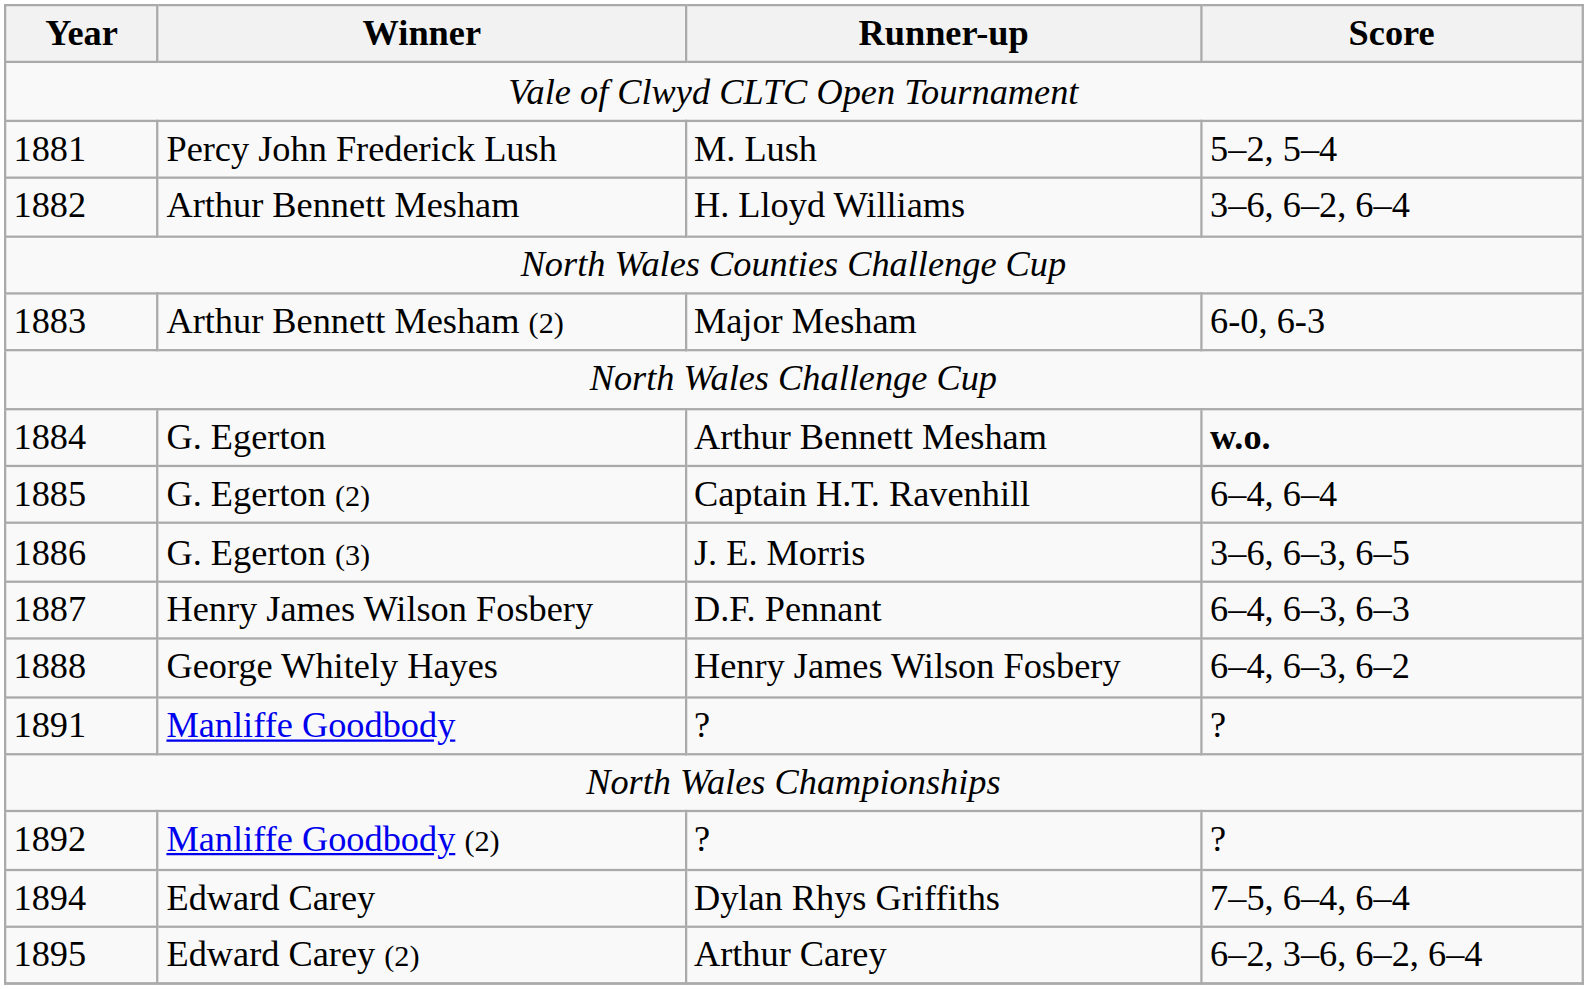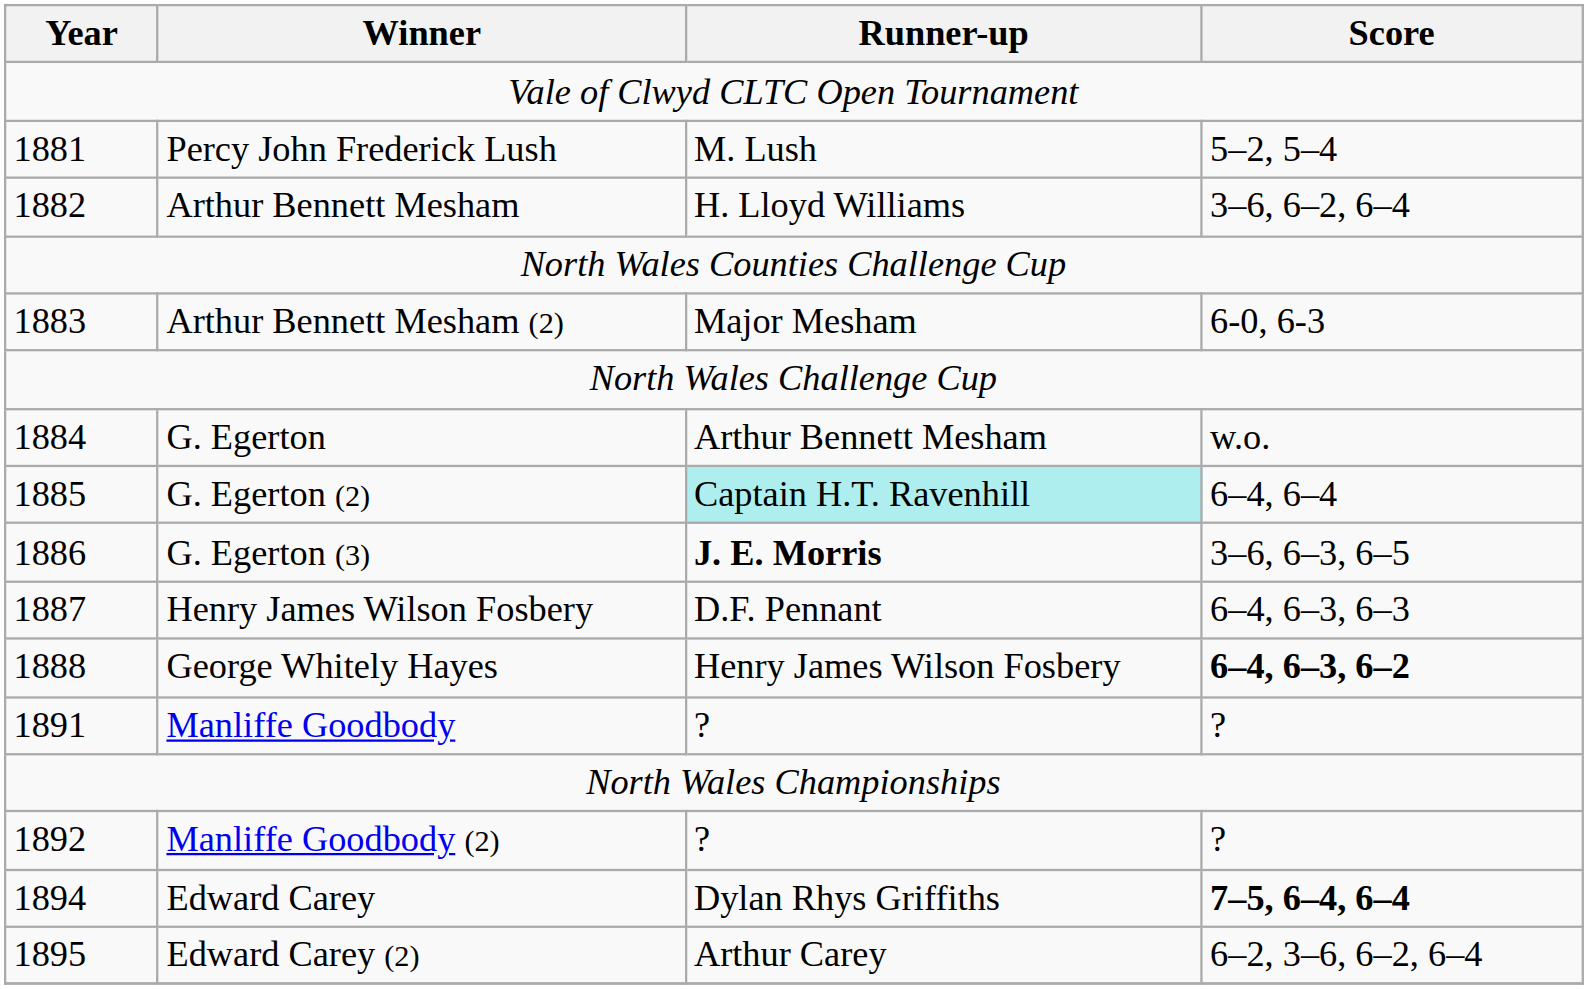 <table class="wikitable">
 <tr>
 <th style="width:60px;">Year</th>
 <th style="width:225px;">Winner</th>
 <th style="width:220px;">Runner-up</th>
 <th style="width:160px;">Score</th>
 </tr>
 <tr>
 <td colspan=4 align=center><em>Vale of Clwyd CLTC Open Tournament</em></td>
 </tr>
 <tr>
 <td>1881</td>
 <td> Percy John Frederick Lush</td>
 <td> M. Lush</td>
 <td>5–2, 5–4</td>
 </tr>
 <tr>
 <td>1882</td>
 <td> Arthur Bennett Mesham</td>
 <td> H. Lloyd Williams</td>
 <td>3–6, 6–2, 6–4</td>
 </tr>
 <tr>
 <td colspan=4 align=center><em>North Wales Counties Challenge Cup</em></td>
 </tr>
 <tr>
 <td>1883</td>
 <td> Arthur Bennett Mesham <small>(2)</small></td>
 <td> Major Mesham</td>
 <td>6-0, 6-3</td>
 </tr>
 <tr>
 <td colspan=4 align=center><em>North Wales Challenge Cup</em></td>
 </tr>
 <tr>
 <td>1884 </td>
 <td> G. Egerton</td>
 <td> Arthur Bennett Mesham</td>
-<td><strong>w.o.</strong></td>
+<td>w.o.</td>
 </tr>
 <tr>
 <td>1885 </td>
 <td> G. Egerton <small>(2)</small></td>
-<td> Captain H.T. Ravenhill</td>
+<td style="background: paleturquoise;"> Captain H.T. Ravenhill</td>
 <td>6–4, 6–4</td>
 </tr>
 <tr>
 <td>1886 </td>
 <td> G. Egerton <small>(3)</small></td>
-<td> J. E. Morris</td>
+<td><strong> J. E. Morris</strong></td>
 <td>3–6, 6–3, 6–5</td>
 </tr>
 <tr>
 <td>1887</td>
 <td> Henry James Wilson Fosbery</td>
 <td> D.F. Pennant</td>
 <td>6–4, 6–3, 6–3</td>
 </tr>
 <tr>
 <td>1888</td>
 <td> George Whitely Hayes</td>
 <td> Henry James Wilson Fosbery</td>
-<td>6–4, 6–3, 6–2</td>
+<td><strong>6–4, 6–3, 6–2</strong></td>
 </tr>
 <tr>
 <td>1891</td>
 <td> <a href='#'>Manliffe Goodbody</a></td>
 <td>?</td>
 <td>?</td>
 </tr>
 <tr>
 <td colspan=4 align=center><em>North Wales Championships</em></td>
 </tr>
 <tr>
 <td>1892</td>
 <td> <a href='#'>Manliffe Goodbody</a> <small>(2)</small></td>
 <td>?</td>
 <td>?</td>
 </tr>
 <tr>
 <td>1894 </td>
 <td> Edward Carey</td>
 <td> Dylan Rhys Griffiths</td>
-<td>7–5, 6–4, 6–4</td>
+<td><strong>7–5, 6–4, 6–4</strong></td>
 </tr>
 <tr>
 <td>1895 </td>
 <td> Edward Carey <small>(2)</small></td>
 <td> Arthur Carey</td>
 <td>6–2, 3–6, 6–2, 6–4</td>
 </tr>
 <tr>
 </tr>
 </table>
